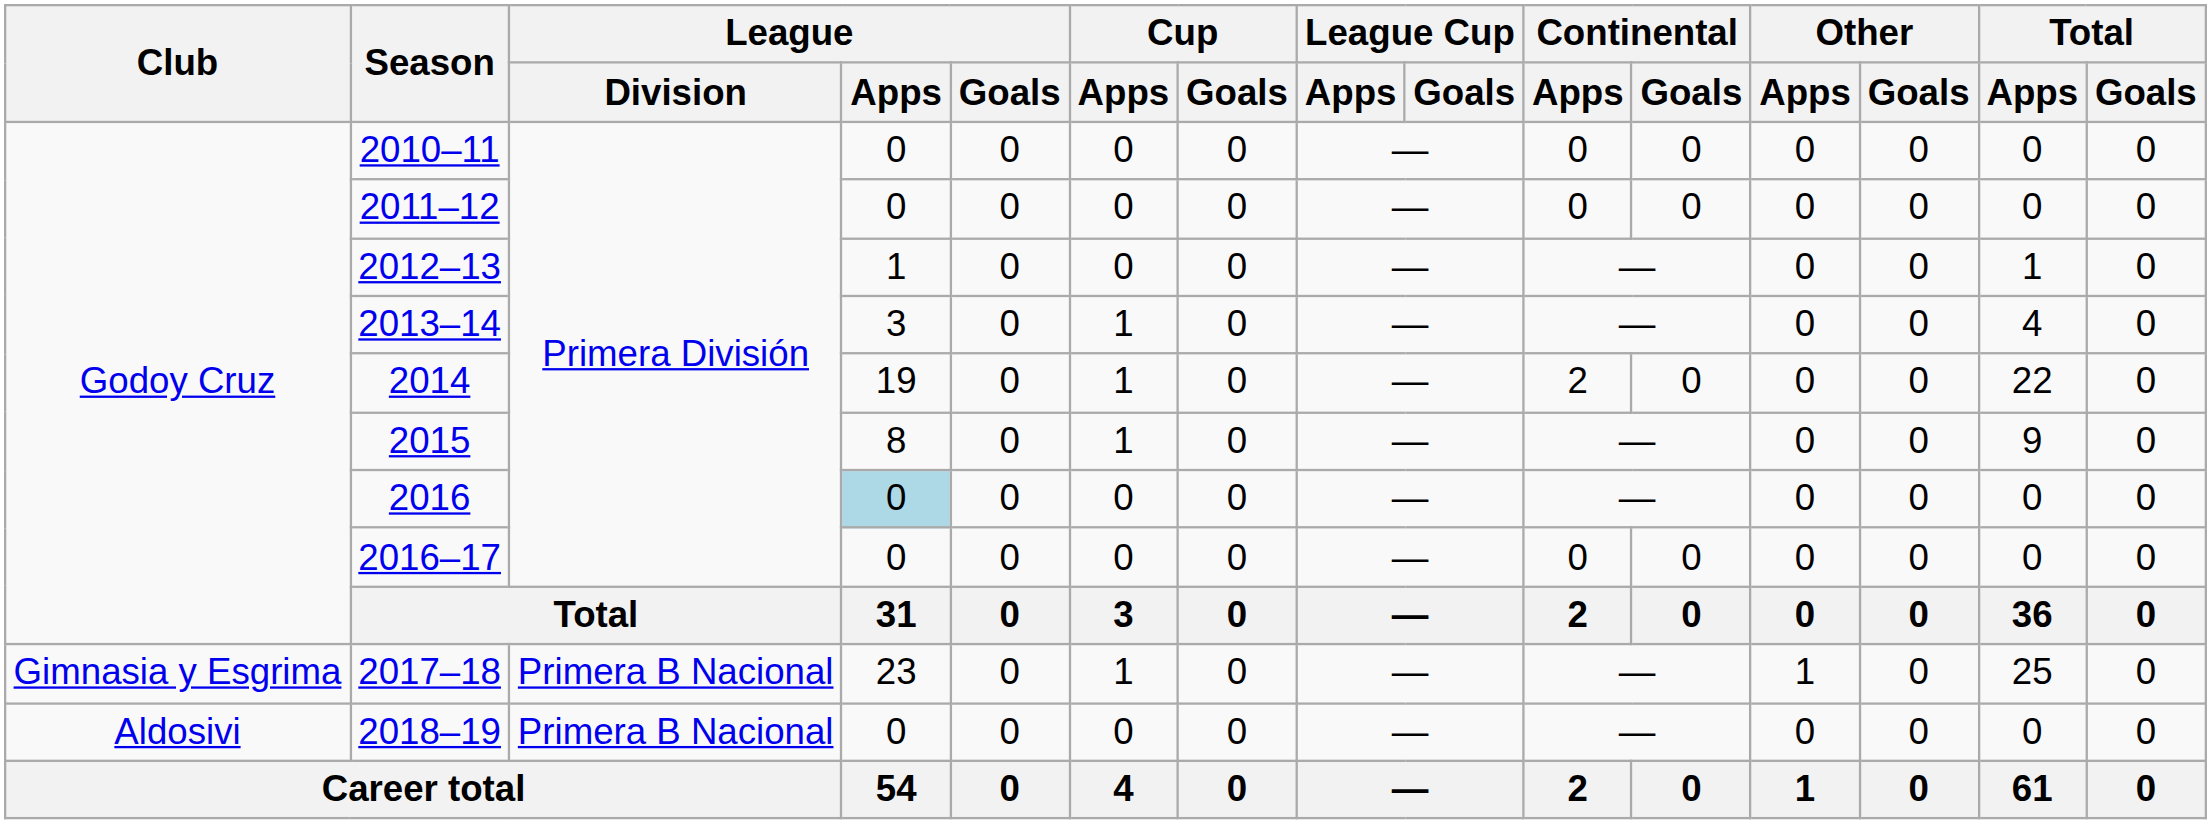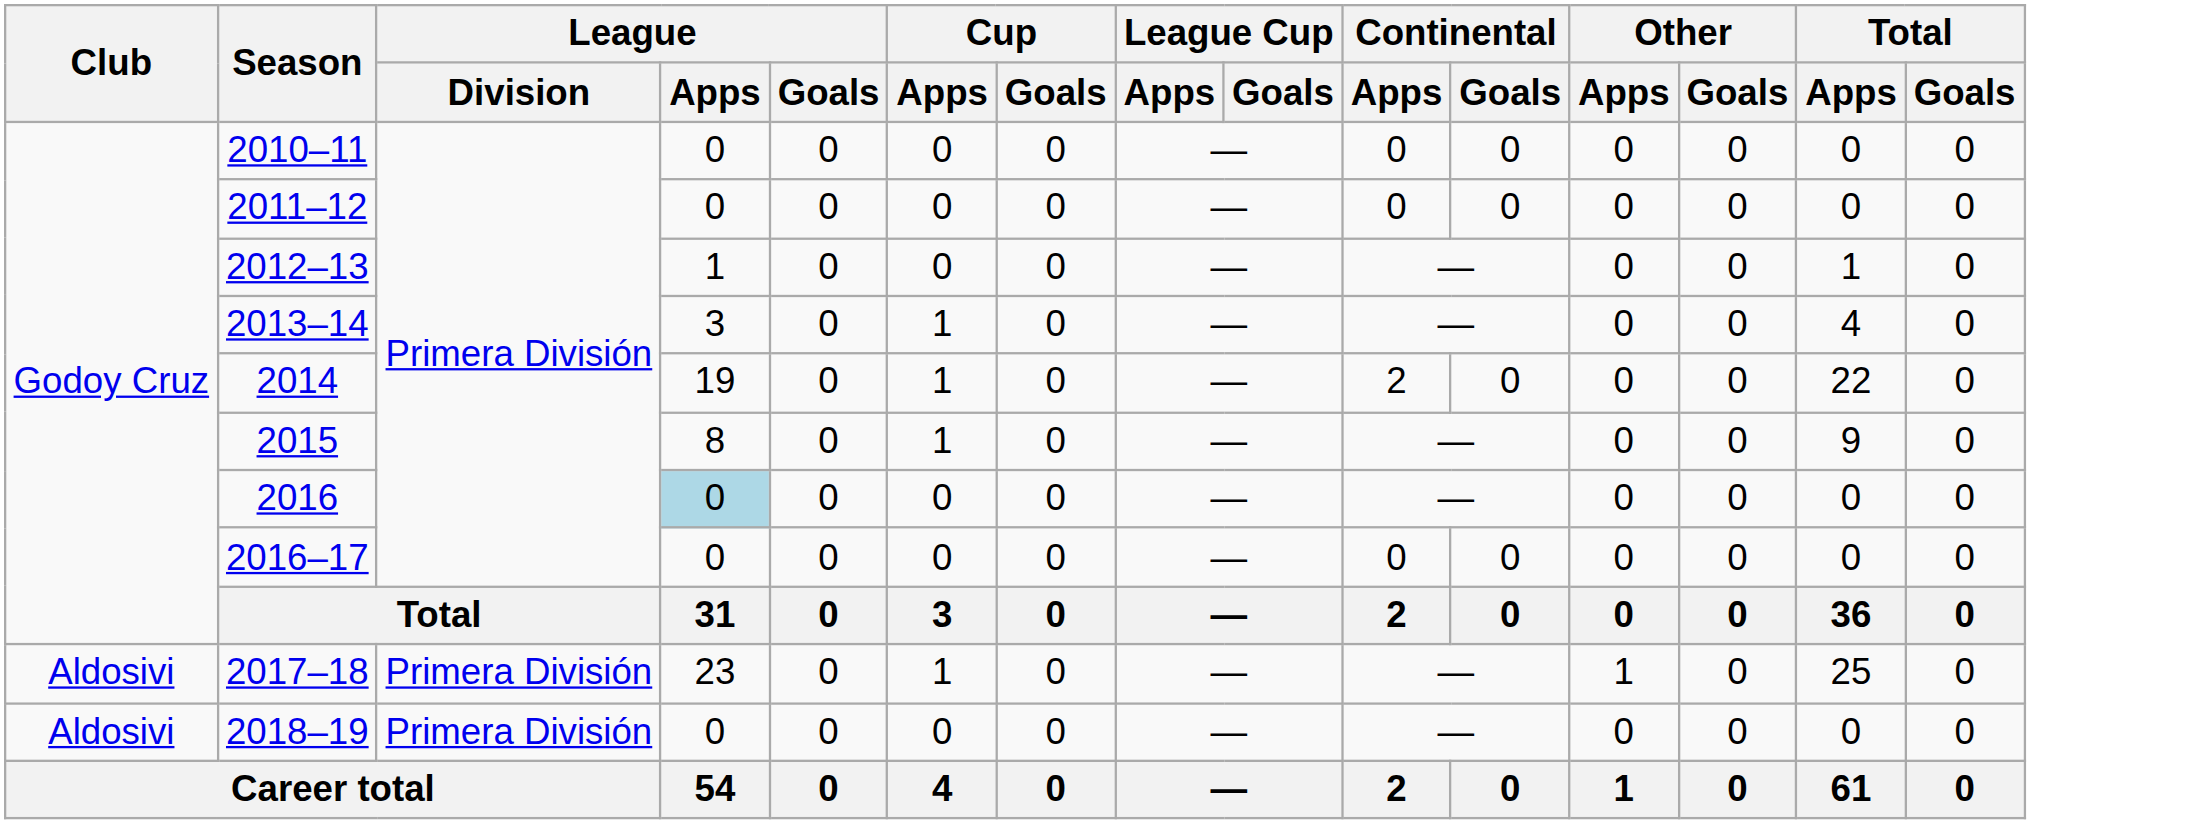 <table class="wikitable" style="text-align:center">
 <tr>
 <th rowspan="2">Club</th>
 <th rowspan="2">Season</th>
 <th colspan="3">League</th>
 <th colspan="2">Cup</th>
 <th colspan="2">League Cup</th>
 <th colspan="2">Continental</th>
 <th colspan="2">Other</th>
 <th colspan="2">Total</th>
 </tr>
 <tr>
 <th>Division</th>
 <th>Apps</th>
 <th>Goals</th>
 <th>Apps</th>
 <th>Goals</th>
 <th>Apps</th>
 <th>Goals</th>
 <th>Apps</th>
 <th>Goals</th>
 <th>Apps</th>
 <th>Goals</th>
 <th>Apps</th>
 <th>Goals</th>
 </tr>
 <tr>
 <td rowspan="9"><a href='#'>Godoy Cruz</a></td>
 <td><a href='#'>2010–11</a></td>
 <td rowspan="8"><a href='#'>Primera División</a></td>
 <td>0</td>
 <td>0</td>
 <td>0</td>
 <td>0</td>
 <td colspan="2">—</td>
 <td>0</td>
 <td>0</td>
 <td>0</td>
 <td>0</td>
 <td>0</td>
 <td>0</td>
 </tr>
 <tr>
 <td><a href='#'>2011–12</a></td>
 <td>0</td>
 <td>0</td>
 <td>0</td>
 <td>0</td>
 <td colspan="2">—</td>
 <td>0</td>
 <td>0</td>
 <td>0</td>
 <td>0</td>
 <td>0</td>
 <td>0</td>
 </tr>
 <tr>
 <td><a href='#'>2012–13</a></td>
 <td>1</td>
 <td>0</td>
 <td>0</td>
 <td>0</td>
 <td colspan="2">—</td>
 <td colspan="2">—</td>
 <td>0</td>
 <td>0</td>
 <td>1</td>
 <td>0</td>
 </tr>
 <tr>
 <td><a href='#'>2013–14</a></td>
 <td>3</td>
 <td>0</td>
 <td>1</td>
 <td>0</td>
 <td colspan="2">—</td>
 <td colspan="2">—</td>
 <td>0</td>
 <td>0</td>
 <td>4</td>
 <td>0</td>
 </tr>
 <tr>
 <td><a href='#'>2014</a></td>
 <td>19</td>
 <td>0</td>
 <td>1</td>
 <td>0</td>
 <td colspan="2">—</td>
 <td>2</td>
 <td>0</td>
 <td>0</td>
 <td>0</td>
 <td>22</td>
 <td>0</td>
 </tr>
 <tr>
 <td><a href='#'>2015</a></td>
 <td>8</td>
 <td>0</td>
 <td>1</td>
 <td>0</td>
 <td colspan="2">—</td>
 <td colspan="2">—</td>
 <td>0</td>
 <td>0</td>
 <td>9</td>
 <td>0</td>
 </tr>
 <tr>
 <td><a href='#'>2016</a></td>
 <td style="background: lightblue;">0</td>
 <td>0</td>
 <td>0</td>
 <td>0</td>
 <td colspan="2">—</td>
 <td colspan="2">—</td>
 <td>0</td>
 <td>0</td>
 <td>0</td>
 <td>0</td>
 </tr>
 <tr>
 <td><a href='#'>2016–17</a></td>
 <td>0</td>
 <td>0</td>
 <td>0</td>
 <td>0</td>
 <td colspan="2">—</td>
 <td>0</td>
 <td>0</td>
 <td>0</td>
 <td>0</td>
 <td>0</td>
 <td>0</td>
 </tr>
 <tr>
 <th colspan="2">Total</th>
 <th>31</th>
 <th>0</th>
 <th>3</th>
 <th>0</th>
 <th colspan="2">—</th>
 <th>2</th>
 <th>0</th>
 <th>0</th>
 <th>0</th>
 <th>36</th>
 <th>0</th>
 </tr>
 <tr>
-<td rowspan="1"><a href='#'>Gimnasia y Esgrima</a></td>
+<td rowspan="1"><a href='#'>Aldosivi</a></td>
 <td><a href='#'>2017–18</a></td>
-<td rowspan="1"><a href='#'>Primera B Nacional</a></td>
+<td rowspan="1"><a href='#'>Primera División</a></td>
 <td>23</td>
 <td>0</td>
 <td>1</td>
 <td>0</td>
 <td colspan="2">—</td>
 <td colspan="2">—</td>
 <td>1</td>
 <td>0</td>
 <td>25</td>
 <td>0</td>
 </tr>
 <tr>
 <td rowspan="1"><a href='#'>Aldosivi</a></td>
 <td><a href='#'>2018–19</a></td>
-<td rowspan="1"><a href='#'>Primera B Nacional</a></td>
+<td rowspan="1"><a href='#'>Primera División</a></td>
 <td>0</td>
 <td>0</td>
 <td>0</td>
 <td>0</td>
 <td colspan="2">—</td>
 <td colspan="2">—</td>
 <td>0</td>
 <td>0</td>
 <td>0</td>
 <td>0</td>
 </tr>
 <tr>
 <th colspan="3">Career total</th>
 <th>54</th>
 <th>0</th>
 <th>4</th>
 <th>0</th>
 <th colspan="2">—</th>
 <th>2</th>
 <th>0</th>
 <th>1</th>
 <th>0</th>
 <th>61</th>
 <th>0</th>
 </tr>
 </table>
